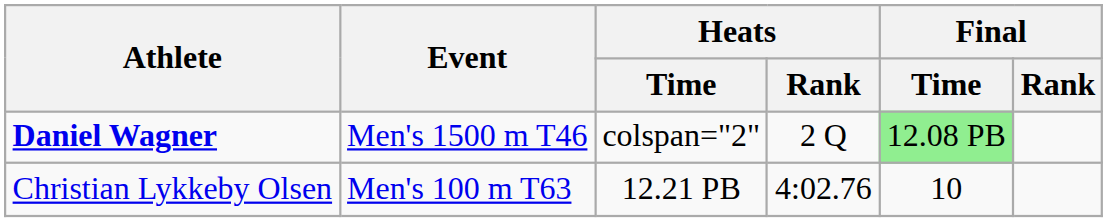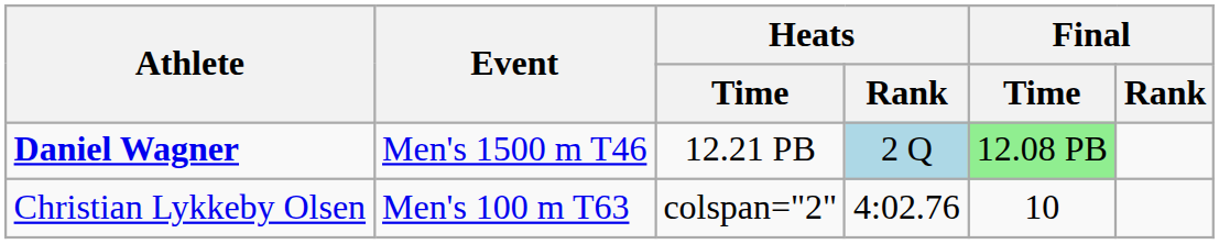 <table class=wikitable style="font-size:90%">
 <tr>
 <th rowspan="2">Athlete</th>
 <th rowspan="2">Event</th>
 <th colspan="2">Heats</th>
 <th colspan="2">Final</th>
 </tr>
 <tr>
 <th>Time</th>
 <th>Rank</th>
 <th>Time</th>
 <th>Rank</th>
 </tr>
 <tr align=center>
 <td align=left><strong><a href='#'>Daniel Wagner</a></strong></td>
 <td align=left><a href='#'>Men's 1500 m T46</a></td>
-<td>colspan="2" </td>
-<td>2 Q</td>
+<td>12.21 PB</td>
+<td style="background: lightblue;">2 Q</td>
 <td style="background: lightgreen;">12.08 PB</td>
 <td></td>
 </tr>
 <tr align=center>
 <td align=left><a href='#'>Christian Lykkeby Olsen</a></td>
 <td align=left><a href='#'>Men's 100 m T63</a></td>
-<td>12.21 PB</td>
+<td>colspan="2" </td>
 <td>4:02.76</td>
 <td>10</td>
 </tr>
 </table>
